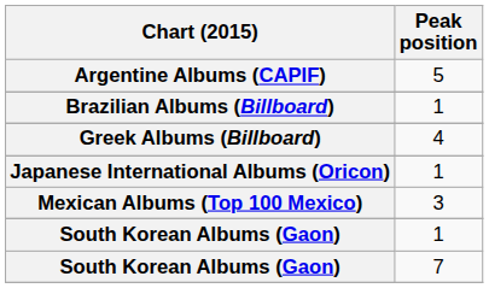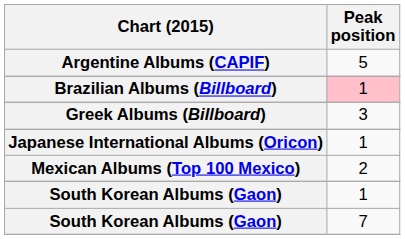 <table class="wikitable sortable plainrowheaders" style="text-align:center;">
 <tr>
 <th scope="col">Chart (2015)</th>
 <th scope="col">Peak<br>position</th>
 </tr>
 <tr>
 <th scope="row">Argentine Albums (<a href='#'>CAPIF</a>)</th>
 <td>5</td>
 </tr>
 <tr>
 </tr>
 <tr>
 </tr>
 <tr>
 </tr>
 <tr>
 </tr>
 <tr>
 <th scope="row">Brazilian Albums (<a href='#'><em>Billboard</em></a>)</th>
-<td>1</td>
+<td style="background: pink;">1</td>
 </tr>
 <tr>
 </tr>
 <tr>
 </tr>
 <tr>
 </tr>
 <tr>
 </tr>
 <tr>
 </tr>
 <tr>
 </tr>
 <tr>
 </tr>
 <tr>
 </tr>
 <tr>
 </tr>
 <tr>
 <th scope="row">Greek Albums (<em>Billboard</em>)</th>
-<td>4</td>
+<td>3</td>
 </tr>
 <tr>
 </tr>
 <tr>
 </tr>
 <tr>
 </tr>
 <tr>
 </tr>
 <tr>
 <th scope="row">Japanese International Albums (<a href='#'>Oricon</a>)</th>
 <td>1</td>
 </tr>
 <tr>
 <th scope="row">Mexican Albums (<a href='#'>Top 100 Mexico</a>)</th>
-<td>3</td>
+<td>2</td>
 </tr>
 <tr>
 </tr>
 <tr>
 </tr>
 <tr>
 </tr>
 <tr>
 </tr>
 <tr>
 </tr>
 <tr>
 <th scope="row">South Korean Albums (<a href='#'>Gaon</a>)</th>
 <td>1</td>
 </tr>
 <tr>
 <th scope="row">South Korean Albums (<a href='#'>Gaon</a>) <br> </th>
 <td>7</td>
 </tr>
 <tr>
 </tr>
 <tr>
 </tr>
 <tr>
 </tr>
 <tr>
 </tr>
 <tr>
 </tr>
 </table>
